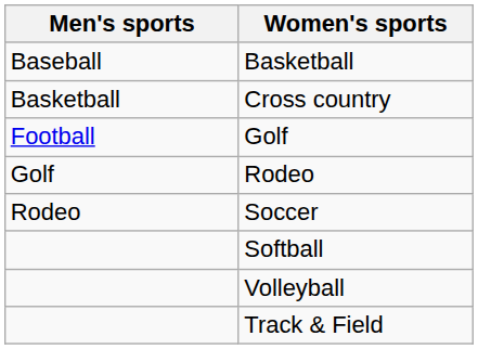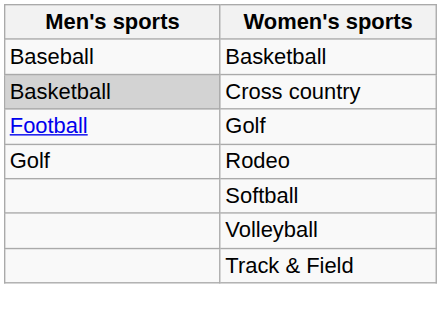 <table class= wikitable>
 <tr>
 <th width=150px>Men's sports</th>
 <th width=150px>Women's sports</th>
 </tr>
 <tr>
 <td>Baseball</td>
 <td>Basketball</td>
 </tr>
 <tr>
-<td>Basketball</td>
+<td style="background: lightgrey;">Basketball</td>
 <td>Cross country</td>
 </tr>
 <tr>
 <td><a href='#'>Football</a></td>
 <td>Golf</td>
 </tr>
 <tr>
 <td>Golf</td>
 <td>Rodeo</td>
-</tr>
-<tr>
-<td>Rodeo</td>
-<td>Soccer</td>
 </tr>
 <tr>
 <td></td>
 <td>Softball</td>
 </tr>
 <tr>
 <td></td>
 <td>Volleyball</td>
 </tr>
 <tr>
 <td></td>
 <td>Track & Field</td>
 </tr>
 </table>
